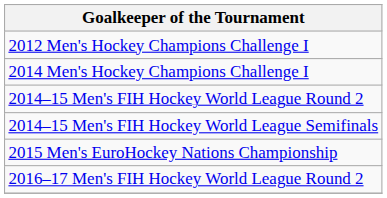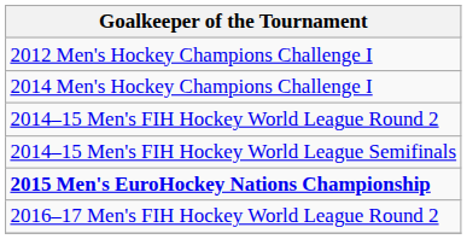 <table class="wikitable collapsible">
 <tr>
 <th><strong>Goalkeeper of the Tournament</strong></th>
 </tr>
 <tr>
 <td><a href='#'>2012 Men's Hockey Champions Challenge I</a></td>
 </tr>
 <tr>
 <td><a href='#'>2014 Men's Hockey Champions Challenge I</a></td>
 </tr>
 <tr>
 <td><a href='#'>2014–15 Men's FIH Hockey World League Round 2</a></td>
 </tr>
 <tr>
 <td><a href='#'>2014–15 Men's FIH Hockey World League Semifinals</a></td>
 </tr>
 <tr>
-<td><a href='#'>2015 Men's EuroHockey Nations Championship</a></td>
+<td><strong><a href='#'>2015 Men's EuroHockey Nations Championship</a></strong></td>
 </tr>
 <tr>
 <td><a href='#'>2016–17 Men's FIH Hockey World League Round 2</a></td>
 </tr>
 <tr>
 </tr>
 </table>
